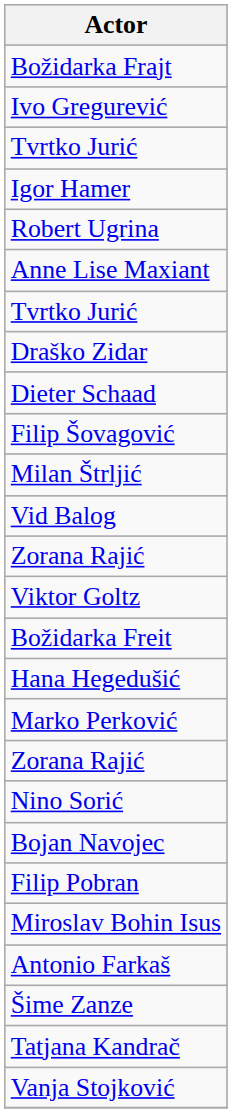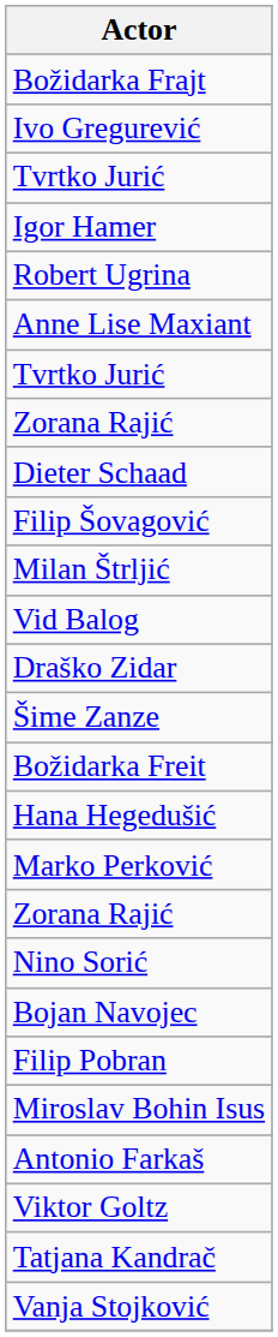 <table class="wikitable" align="center">
 <tr>
 <th width="100%">Actor</th>
 </tr>
 <tr>
 <td><a href='#'>Božidarka Frajt</a></td>
 </tr>
 <tr>
 <td><a href='#'>Ivo Gregurević</a></td>
 </tr>
 <tr>
 <td><a href='#'>Tvrtko Jurić</a></td>
 </tr>
 <tr>
 <td><a href='#'>Igor Hamer</a></td>
 </tr>
 <tr>
 <td><a href='#'>Robert Ugrina</a></td>
 </tr>
 <tr>
 <td><a href='#'>Anne Lise Maxiant</a></td>
 </tr>
 <tr>
 <td><a href='#'>Tvrtko Jurić</a></td>
 </tr>
 <tr>
-<td><a href='#'>Draško Zidar</a></td>
+<td><a href='#'>Zorana Rajić</a></td>
 </tr>
 <tr>
 <td><a href='#'>Dieter Schaad</a></td>
 </tr>
 <tr>
 <td><a href='#'>Filip Šovagović</a></td>
 </tr>
 <tr>
 <td><a href='#'>Milan Štrljić</a></td>
 </tr>
 <tr>
 <td><a href='#'>Vid Balog</a></td>
 </tr>
 <tr>
-<td><a href='#'>Zorana Rajić</a></td>
+<td><a href='#'>Draško Zidar</a></td>
 </tr>
 <tr>
-<td><a href='#'>Viktor Goltz</a></td>
+<td><a href='#'>Šime Zanze</a></td>
 </tr>
 <tr>
 <td><a href='#'>Božidarka Freit</a></td>
 </tr>
 <tr>
 <td><a href='#'>Hana Hegedušić</a></td>
 </tr>
 <tr>
 <td><a href='#'>Marko Perković</a></td>
 </tr>
 <tr>
 <td><a href='#'>Zorana Rajić</a></td>
 </tr>
 <tr>
 <td><a href='#'>Nino Sorić</a></td>
 </tr>
 <tr>
 <td><a href='#'>Bojan Navojec</a></td>
 </tr>
 <tr>
 <td><a href='#'>Filip Pobran</a></td>
 </tr>
 <tr>
 <td><a href='#'>Miroslav Bohin Isus</a></td>
 </tr>
 <tr>
 <td><a href='#'>Antonio Farkaš</a></td>
 </tr>
 <tr>
-<td><a href='#'>Šime Zanze</a></td>
+<td><a href='#'>Viktor Goltz</a></td>
 </tr>
 <tr>
 <td><a href='#'>Tatjana Kandrač</a></td>
 </tr>
 <tr>
 <td><a href='#'>Vanja Stojković</a></td>
 </tr>
 <tr>
 </tr>
 </table>
